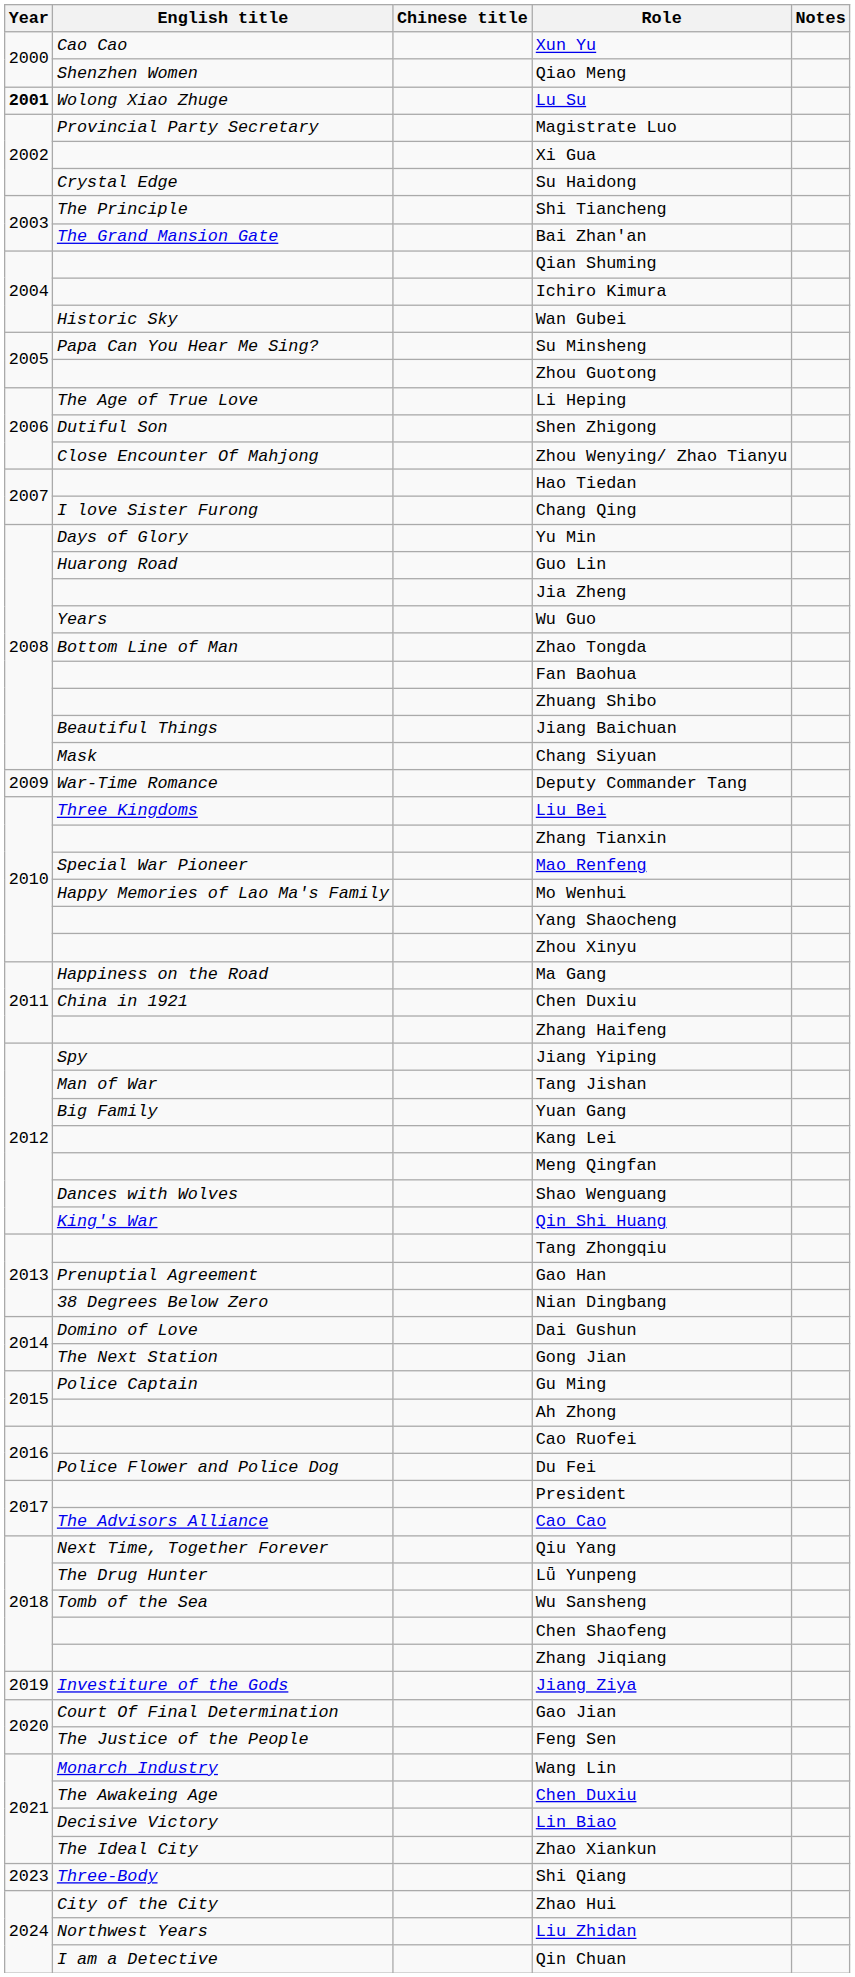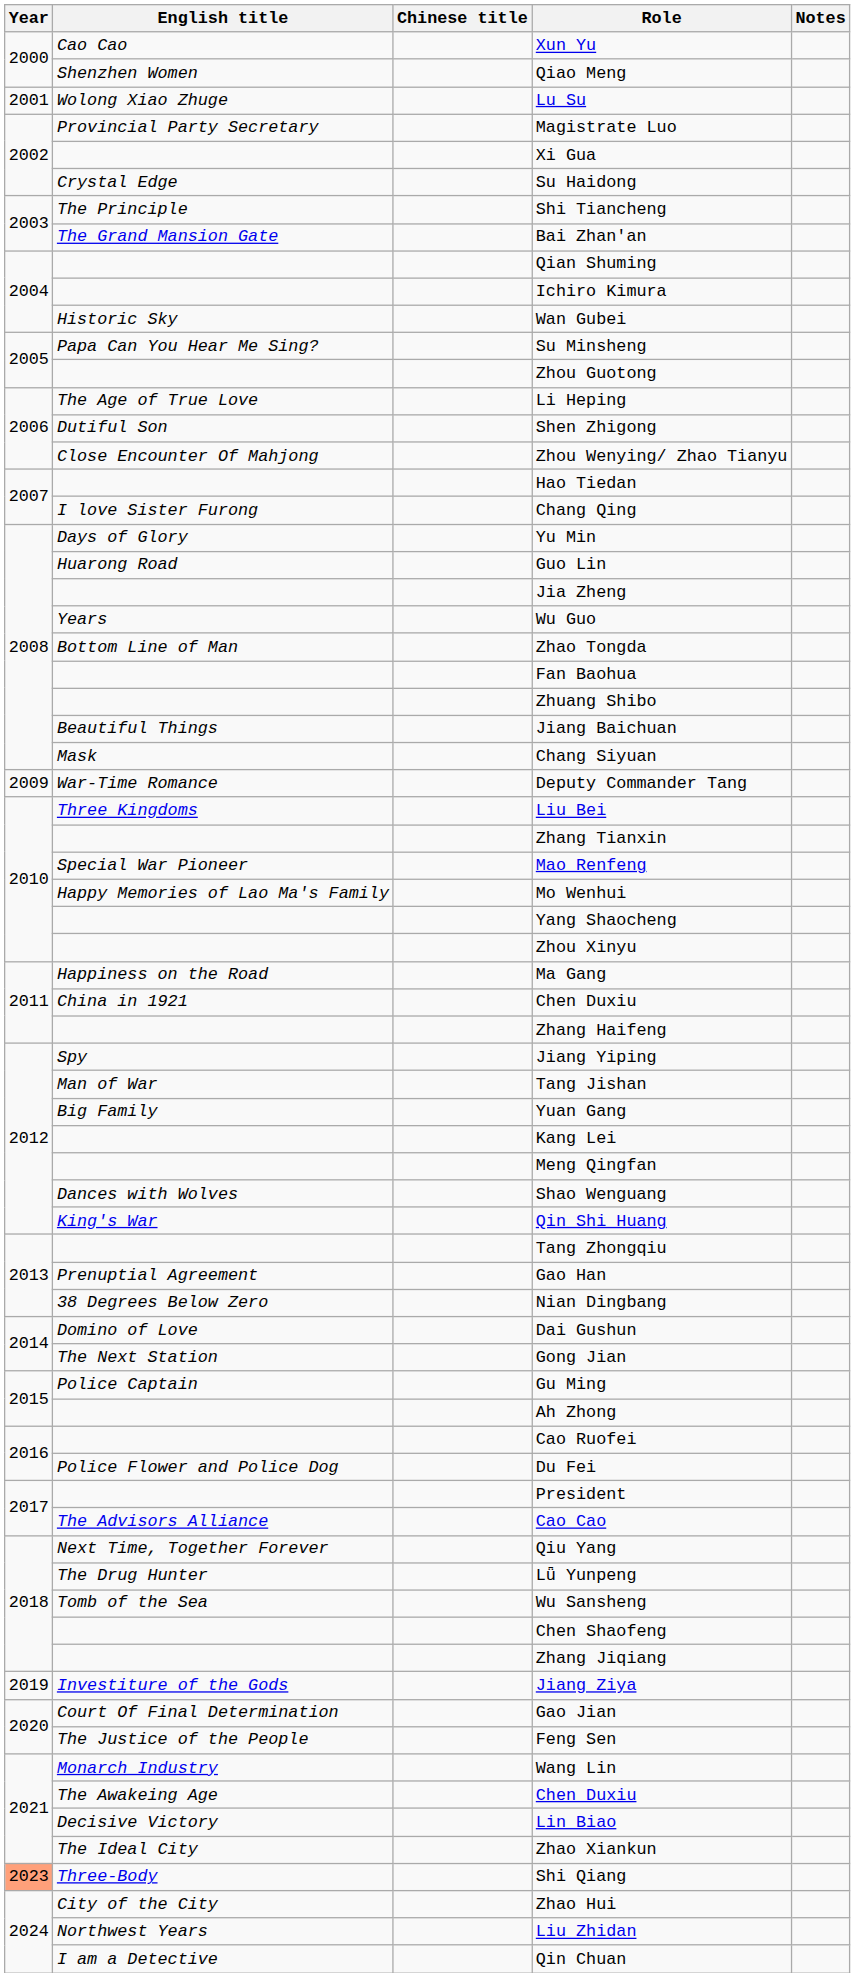 <table class="wikitable">
 <tr>
 <th>Year</th>
 <th>English title</th>
 <th>Chinese title</th>
 <th>Role</th>
 <th>Notes</th>
 </tr>
 <tr>
 <td rowspan="2">2000</td>
 <td><em>Cao Cao</em></td>
 <td></td>
 <td><a href='#'>Xun Yu</a></td>
 <td></td>
 </tr>
 <tr>
 <td><em>Shenzhen Women</em></td>
 <td></td>
 <td>Qiao Meng</td>
 <td></td>
 </tr>
 <tr>
-<td><strong>2001</strong></td>
+<td>2001</td>
 <td><em>Wolong Xiao Zhuge</em></td>
 <td></td>
 <td><a href='#'>Lu Su</a></td>
 <td></td>
 </tr>
 <tr>
 <td rowspan="3">2002</td>
 <td><em>Provincial Party Secretary</em></td>
 <td></td>
 <td>Magistrate Luo</td>
 <td></td>
 </tr>
 <tr>
 <td></td>
 <td></td>
 <td>Xi Gua</td>
 <td></td>
 </tr>
 <tr>
 <td><em>Crystal Edge</em></td>
 <td></td>
 <td>Su Haidong</td>
 <td></td>
 </tr>
 <tr>
 <td rowspan="2">2003</td>
 <td><em>The Principle</em></td>
 <td></td>
 <td>Shi Tiancheng</td>
 <td></td>
 </tr>
 <tr>
 <td><em><a href='#'>The Grand Mansion Gate</a></em></td>
 <td></td>
 <td>Bai Zhan'an</td>
 <td></td>
 </tr>
 <tr>
 <td rowspan="3">2004</td>
 <td></td>
 <td></td>
 <td>Qian Shuming</td>
 <td></td>
 </tr>
 <tr>
 <td></td>
 <td></td>
 <td>Ichiro Kimura</td>
 <td></td>
 </tr>
 <tr>
 <td><em>Historic Sky</em></td>
 <td></td>
 <td>Wan Gubei</td>
 <td></td>
 </tr>
 <tr>
 <td rowspan="2">2005</td>
 <td><em>Papa Can You Hear Me Sing?</em></td>
 <td></td>
 <td>Su Minsheng</td>
 <td></td>
 </tr>
 <tr>
 <td></td>
 <td></td>
 <td>Zhou Guotong</td>
 <td></td>
 </tr>
 <tr>
 <td rowspan="3">2006</td>
 <td><em>The Age of True Love</em></td>
 <td></td>
 <td>Li Heping</td>
 <td></td>
 </tr>
 <tr>
 <td><em>Dutiful Son</em></td>
 <td></td>
 <td>Shen Zhigong</td>
 <td></td>
 </tr>
 <tr>
 <td><em>Close Encounter Of Mahjong</em></td>
 <td></td>
 <td>Zhou Wenying/ Zhao Tianyu</td>
 <td></td>
 </tr>
 <tr>
 <td rowspan="2">2007</td>
 <td></td>
 <td></td>
 <td>Hao Tiedan</td>
 <td></td>
 </tr>
 <tr>
 <td><em>I love Sister Furong</em></td>
 <td></td>
 <td>Chang Qing</td>
 <td></td>
 </tr>
 <tr>
 <td rowspan="9">2008</td>
 <td><em>Days of Glory</em></td>
 <td></td>
 <td>Yu Min</td>
 <td></td>
 </tr>
 <tr>
 <td><em>Huarong Road</em></td>
 <td></td>
 <td>Guo Lin</td>
 <td></td>
 </tr>
 <tr>
 <td></td>
 <td></td>
 <td>Jia Zheng</td>
 <td></td>
 </tr>
 <tr>
 <td><em>Years</em></td>
 <td></td>
 <td>Wu Guo</td>
 <td></td>
 </tr>
 <tr>
 <td><em>Bottom Line of Man</em></td>
 <td></td>
 <td>Zhao Tongda</td>
 <td></td>
 </tr>
 <tr>
 <td></td>
 <td></td>
 <td>Fan Baohua</td>
 <td></td>
 </tr>
 <tr>
 <td></td>
 <td></td>
 <td>Zhuang Shibo</td>
 <td></td>
 </tr>
 <tr>
 <td><em>Beautiful Things</em></td>
 <td></td>
 <td>Jiang Baichuan</td>
 <td></td>
 </tr>
 <tr>
 <td><em>Mask</em></td>
 <td></td>
 <td>Chang Siyuan</td>
 <td></td>
 </tr>
 <tr>
 <td>2009</td>
 <td><em>War-Time Romance</em></td>
 <td></td>
 <td>Deputy Commander Tang</td>
 <td></td>
 </tr>
 <tr>
 <td rowspan="6">2010</td>
 <td><em><a href='#'>Three Kingdoms</a></em></td>
 <td></td>
 <td><a href='#'>Liu Bei</a></td>
 <td></td>
 </tr>
 <tr>
 <td></td>
 <td></td>
 <td>Zhang Tianxin</td>
 <td></td>
 </tr>
 <tr>
 <td><em>Special War Pioneer</em></td>
 <td></td>
 <td><a href='#'>Mao Renfeng</a></td>
 <td></td>
 </tr>
 <tr>
 <td><em>Happy Memories of Lao Ma's Family</em></td>
 <td></td>
 <td>Mo Wenhui</td>
 <td></td>
 </tr>
 <tr>
 <td></td>
 <td></td>
 <td>Yang Shaocheng</td>
 <td></td>
 </tr>
 <tr>
 <td></td>
 <td></td>
 <td>Zhou Xinyu</td>
 <td></td>
 </tr>
 <tr>
 <td rowspan="3">2011</td>
 <td><em>Happiness on the Road</em></td>
 <td></td>
 <td>Ma Gang</td>
 <td></td>
 </tr>
 <tr>
 <td><em>China in 1921</em></td>
 <td></td>
 <td>Chen Duxiu</td>
 <td></td>
 </tr>
 <tr>
 <td></td>
 <td></td>
 <td>Zhang Haifeng</td>
 <td></td>
 </tr>
 <tr>
 <td rowspan="7">2012</td>
 <td><em>Spy</em></td>
 <td></td>
 <td>Jiang Yiping</td>
 <td></td>
 </tr>
 <tr>
 <td><em>Man of War</em></td>
 <td></td>
 <td>Tang Jishan</td>
 <td></td>
 </tr>
 <tr>
 <td><em>Big Family</em></td>
 <td></td>
 <td>Yuan Gang</td>
 <td></td>
 </tr>
 <tr>
 <td></td>
 <td></td>
 <td>Kang Lei</td>
 <td></td>
 </tr>
 <tr>
 <td></td>
 <td></td>
 <td>Meng Qingfan</td>
 <td></td>
 </tr>
 <tr>
 <td><em>Dances with Wolves</em></td>
 <td></td>
 <td>Shao Wenguang</td>
 <td></td>
 </tr>
 <tr>
 <td><em><a href='#'>King's War</a></em></td>
 <td></td>
 <td><a href='#'>Qin Shi Huang</a></td>
 <td></td>
 </tr>
 <tr>
 <td rowspan="3">2013</td>
 <td></td>
 <td></td>
 <td>Tang Zhongqiu</td>
 <td></td>
 </tr>
 <tr>
 <td><em>Prenuptial Agreement</em></td>
 <td></td>
 <td>Gao Han</td>
 <td></td>
 </tr>
 <tr>
 <td><em>38 Degrees Below Zero</em></td>
 <td></td>
 <td>Nian Dingbang</td>
 <td></td>
 </tr>
 <tr>
 <td rowspan="2">2014</td>
 <td><em>Domino of Love</em></td>
 <td></td>
 <td>Dai Gushun</td>
 <td></td>
 </tr>
 <tr>
 <td><em>The Next Station</em></td>
 <td></td>
 <td>Gong Jian</td>
 <td></td>
 </tr>
 <tr>
 <td rowspan="2">2015</td>
 <td><em>Police Captain</em></td>
 <td></td>
 <td>Gu Ming</td>
 <td></td>
 </tr>
 <tr>
 <td></td>
 <td></td>
 <td>Ah Zhong</td>
 <td></td>
 </tr>
 <tr>
 <td rowspan="2">2016</td>
 <td></td>
 <td></td>
 <td>Cao Ruofei</td>
 <td></td>
 </tr>
 <tr>
 <td><em>Police Flower and Police Dog</em></td>
 <td></td>
 <td>Du Fei</td>
 <td></td>
 </tr>
 <tr>
 <td rowspan="2">2017</td>
 <td></td>
 <td></td>
 <td>President</td>
 <td></td>
 </tr>
 <tr>
 <td><em><a href='#'>The Advisors Alliance</a></em></td>
 <td></td>
 <td><a href='#'>Cao Cao</a></td>
 <td></td>
 </tr>
 <tr>
 <td rowspan="5">2018</td>
 <td><em>Next Time, Together Forever</em></td>
 <td></td>
 <td>Qiu Yang</td>
 <td></td>
 </tr>
 <tr>
 <td><em>The Drug Hunter</em></td>
 <td></td>
 <td>Lǖ Yunpeng</td>
 <td></td>
 </tr>
 <tr>
 <td><em>Tomb of the Sea</em></td>
 <td></td>
 <td>Wu Sansheng</td>
 <td></td>
 </tr>
 <tr>
 <td></td>
 <td></td>
 <td>Chen Shaofeng</td>
 <td></td>
 </tr>
 <tr>
 <td></td>
 <td></td>
 <td>Zhang Jiqiang</td>
 <td></td>
 </tr>
 <tr>
 <td>2019</td>
 <td><em><a href='#'>Investiture of the Gods</a></em></td>
 <td></td>
 <td><a href='#'>Jiang Ziya</a></td>
 <td></td>
 </tr>
 <tr>
 <td rowspan="2">2020</td>
 <td><em>Court Of Final Determination</em></td>
 <td></td>
 <td>Gao Jian</td>
 <td></td>
 </tr>
 <tr>
 <td><em>The Justice of the People</em></td>
 <td></td>
 <td>Feng Sen</td>
 <td></td>
 </tr>
 <tr>
 <td rowspan="4">2021</td>
 <td><em><a href='#'>Monarch Industry</a></em></td>
 <td></td>
 <td>Wang Lin</td>
 <td></td>
 </tr>
 <tr>
 <td><em>The Awakeing Age</em></td>
 <td></td>
 <td><a href='#'>Chen Duxiu</a></td>
 <td></td>
 </tr>
 <tr>
 <td><em>Decisive Victory</em></td>
 <td></td>
 <td><a href='#'>Lin Biao</a></td>
 <td></td>
 </tr>
 <tr>
 <td><em>The Ideal City</em></td>
 <td></td>
 <td>Zhao Xiankun</td>
 <td></td>
 </tr>
 <tr>
-<td>2023</td>
+<td style="background: lightsalmon;">2023</td>
 <td><em><a href='#'>Three-Body</a></em></td>
 <td></td>
 <td>Shi Qiang</td>
 <td></td>
 </tr>
 <tr>
 <td rowspan="3">2024</td>
 <td><em>City of the City</em></td>
 <td></td>
 <td>Zhao Hui</td>
 <td></td>
 </tr>
 <tr>
 <td><em>Northwest Years</em></td>
 <td></td>
 <td><a href='#'>Liu Zhidan</a></td>
 <td></td>
 </tr>
 <tr>
 <td><em>I am a Detective</em></td>
 <td></td>
 <td>Qin Chuan</td>
 <td></td>
 </tr>
 </table>
